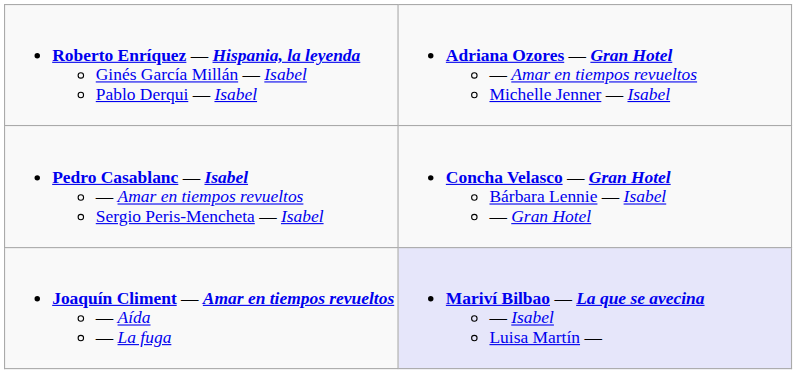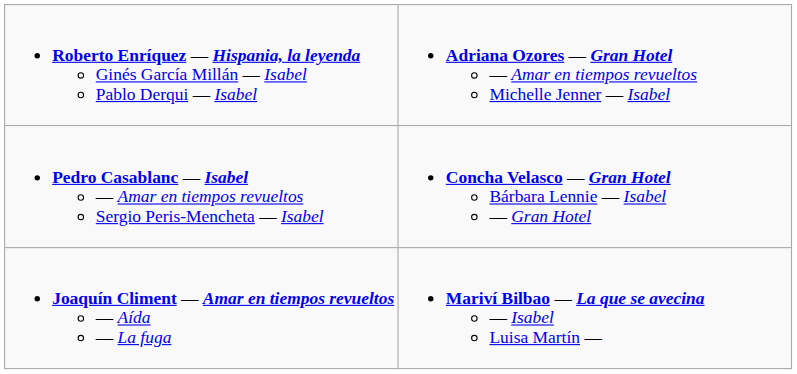 <table class=wikitable>
 <tr>
 <td style="vertical-align:top; width:50%;"><br><ul><li><strong><a href='#'>Roberto Enríquez</a></strong> — <strong><em><a href='#'>Hispania, la leyenda</a></em></strong><ul><li><a href='#'>Ginés García Millán</a> — <em><a href='#'>Isabel</a></em></li><li><a href='#'>Pablo Derqui</a> — <em><a href='#'>Isabel</a></em></li></ul></li></ul></td>
 <td style="vertical-align:top; width:50%;"><br><ul><li><strong><a href='#'>Adriana Ozores</a></strong> — <strong><em><a href='#'>Gran Hotel</a></em></strong><ul><li> — <em><a href='#'>Amar en tiempos revueltos</a></em></li><li><a href='#'>Michelle Jenner</a> — <em><a href='#'>Isabel</a></em></li></ul></li></ul></td>
 </tr>
 <tr>
 <td style="vertical-align:top; width:50%;"><br><ul><li><strong><a href='#'>Pedro Casablanc</a></strong> — <strong><em><a href='#'>Isabel</a></em></strong><ul><li> — <em><a href='#'>Amar en tiempos revueltos</a></em></li><li><a href='#'>Sergio Peris-Mencheta</a> — <em><a href='#'>Isabel</a></em></li></ul></li></ul></td>
 <td style="vertical-align:top; width:50%;"><br><ul><li><strong><a href='#'>Concha Velasco</a></strong> — <strong><em><a href='#'>Gran Hotel</a></em></strong><ul><li><a href='#'>Bárbara Lennie</a> — <em><a href='#'>Isabel</a></em></li><li> — <em><a href='#'>Gran Hotel</a></em></li></ul></li></ul></td>
 </tr>
 <tr>
 <td style="vertical-align:top; width:50%;"><br><ul><li><strong><a href='#'>Joaquín Climent</a></strong> — <strong><em><a href='#'>Amar en tiempos revueltos</a></em></strong><ul><li> — <em><a href='#'>Aída</a></em></li><li> — <em><a href='#'>La fuga</a></em></li></ul></li></ul></td>
-<td style="background: lavender; vertical-align:top; width:50%;"><br><ul><li><strong><a href='#'>Mariví Bilbao</a></strong> — <strong><em><a href='#'>La que se avecina</a></em></strong><ul><li> — <em><a href='#'>Isabel</a></em></li><li><a href='#'>Luisa Martín</a> — <em></em></li></ul></li></ul></td>
+<td style="vertical-align:top; width:50%;"><br><ul><li><strong><a href='#'>Mariví Bilbao</a></strong> — <strong><em><a href='#'>La que se avecina</a></em></strong><ul><li> — <em><a href='#'>Isabel</a></em></li><li><a href='#'>Luisa Martín</a> — <em></em></li></ul></li></ul></td>
 </tr>
 </table>
